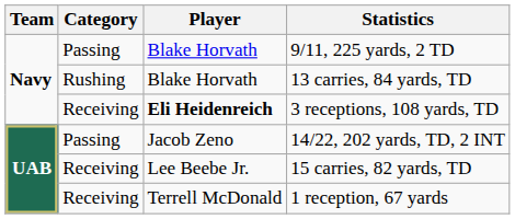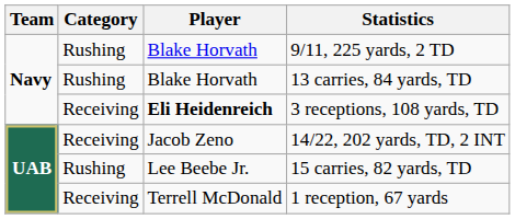 <table class="wikitable" style="float: right;">
 <tr>
 <th>Team</th>
 <th>Category</th>
 <th>Player</th>
 <th>Statistics</th>
 </tr>
 <tr>
 <td rowspan=3><strong>Navy</strong></td>
-<td>Passing</td>
+<td>Rushing</td>
 <td><a href='#'>Blake Horvath</a></td>
 <td>9/11, 225 yards, 2 TD</td>
 </tr>
 <tr>
 <td>Rushing</td>
 <td>Blake Horvath</td>
 <td>13 carries, 84 yards, TD</td>
 </tr>
 <tr>
 <td>Receiving</td>
 <td><strong>Eli Heidenreich</strong></td>
 <td>3 receptions, 108 yards, TD</td>
 </tr>
 <tr>
 <td rowspan=3 style="background-color:#1E6B52;color:#FFFFFF;box-shadow: inset 2px 2px 0 #CDC26C, inset -2px -2px 0 #CDC26C; text-align:center;"><strong>UAB</strong></td>
-<td>Passing</td>
+<td>Receiving</td>
 <td>Jacob Zeno</td>
 <td>14/22, 202 yards, TD, 2 INT</td>
 </tr>
 <tr>
-<td>Receiving</td>
+<td>Rushing</td>
 <td>Lee Beebe Jr.</td>
 <td>15 carries, 82 yards, TD</td>
 </tr>
 <tr>
 <td>Receiving</td>
 <td>Terrell McDonald</td>
 <td>1 reception, 67 yards</td>
 </tr>
 </table>
